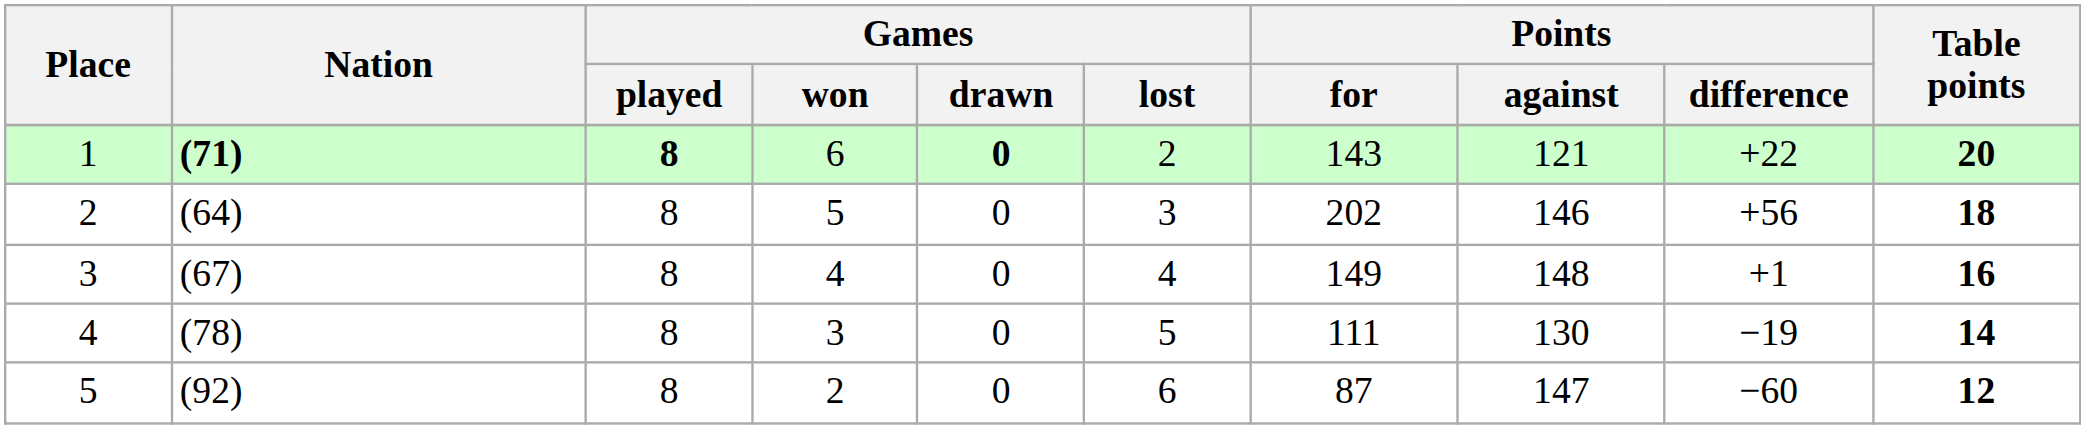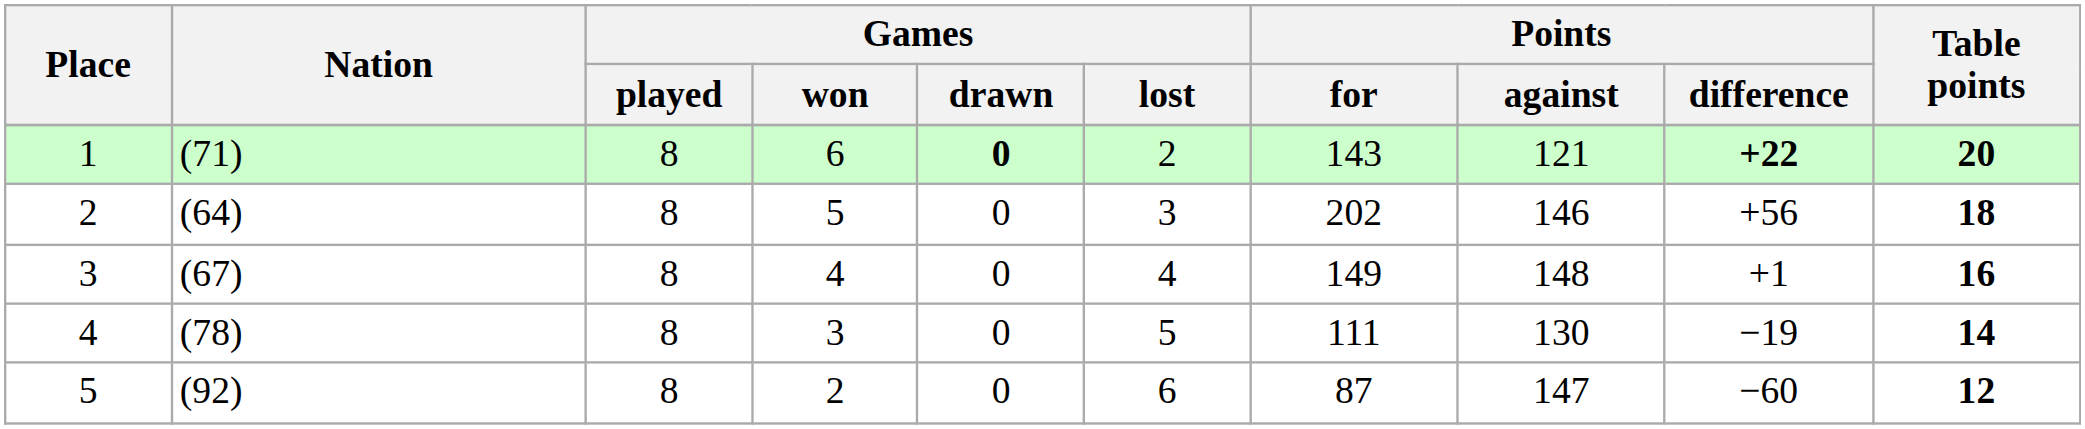 <table class="wikitable" width="100%">
 <tr>
 <th rowspan=2 width="8%">Place</th>
 <th rowspan=2 width="20%">Nation</th>
 <th colspan=4 width="32%">Games</th>
 <th colspan=3 width="30%">Points</th>
 <th rowspan=2 width="10%">Table<br>points</th>
 </tr>
 <tr>
 <th width="8%">played</th>
 <th width="8%">won</th>
 <th width="8%">drawn</th>
 <th width="8%">lost</th>
 <th width="10%">for</th>
 <th width="10%">against</th>
 <th width="10%">difference</th>
 </tr>
 <tr>
 </tr>
 <tr bgcolor=#ccffcc align=center>
 <td>1</td>
-<td align=left><strong> (71)</strong></td>
-<td><strong>8</strong></td>
+<td align=left> (71)</td>
+<td>8</td>
 <td>6</td>
 <td><strong>0</strong></td>
 <td>2</td>
 <td>143</td>
 <td>121</td>
-<td>+22</td>
+<td><strong>+22</strong></td>
 <td><strong>20</strong></td>
 </tr>
 <tr bgcolor=#ffffff align=center>
 <td>2</td>
 <td align=left> (64)</td>
 <td>8</td>
 <td>5</td>
 <td>0</td>
 <td>3</td>
 <td>202</td>
 <td>146</td>
 <td>+56</td>
 <td><strong>18</strong></td>
 </tr>
 <tr bgcolor=#ffffff align=center>
 <td>3</td>
 <td align=left> (67)</td>
 <td>8</td>
 <td>4</td>
 <td>0</td>
 <td>4</td>
 <td>149</td>
 <td>148</td>
 <td>+1</td>
 <td><strong>16</strong></td>
 </tr>
 <tr bgcolor=#ffffff style align=center>
 <td>4</td>
 <td align=left> (78)</td>
 <td>8</td>
 <td>3</td>
 <td>0</td>
 <td>5</td>
 <td>111</td>
 <td>130</td>
 <td>−19</td>
 <td><strong>14</strong></td>
 </tr>
 <tr bgcolor=#ffffff align=center>
 <td>5</td>
 <td align=left> (92)</td>
 <td>8</td>
 <td>2</td>
 <td>0</td>
 <td>6</td>
 <td>87</td>
 <td>147</td>
 <td>−60</td>
 <td><strong>12</strong></td>
 </tr>
 </table>
